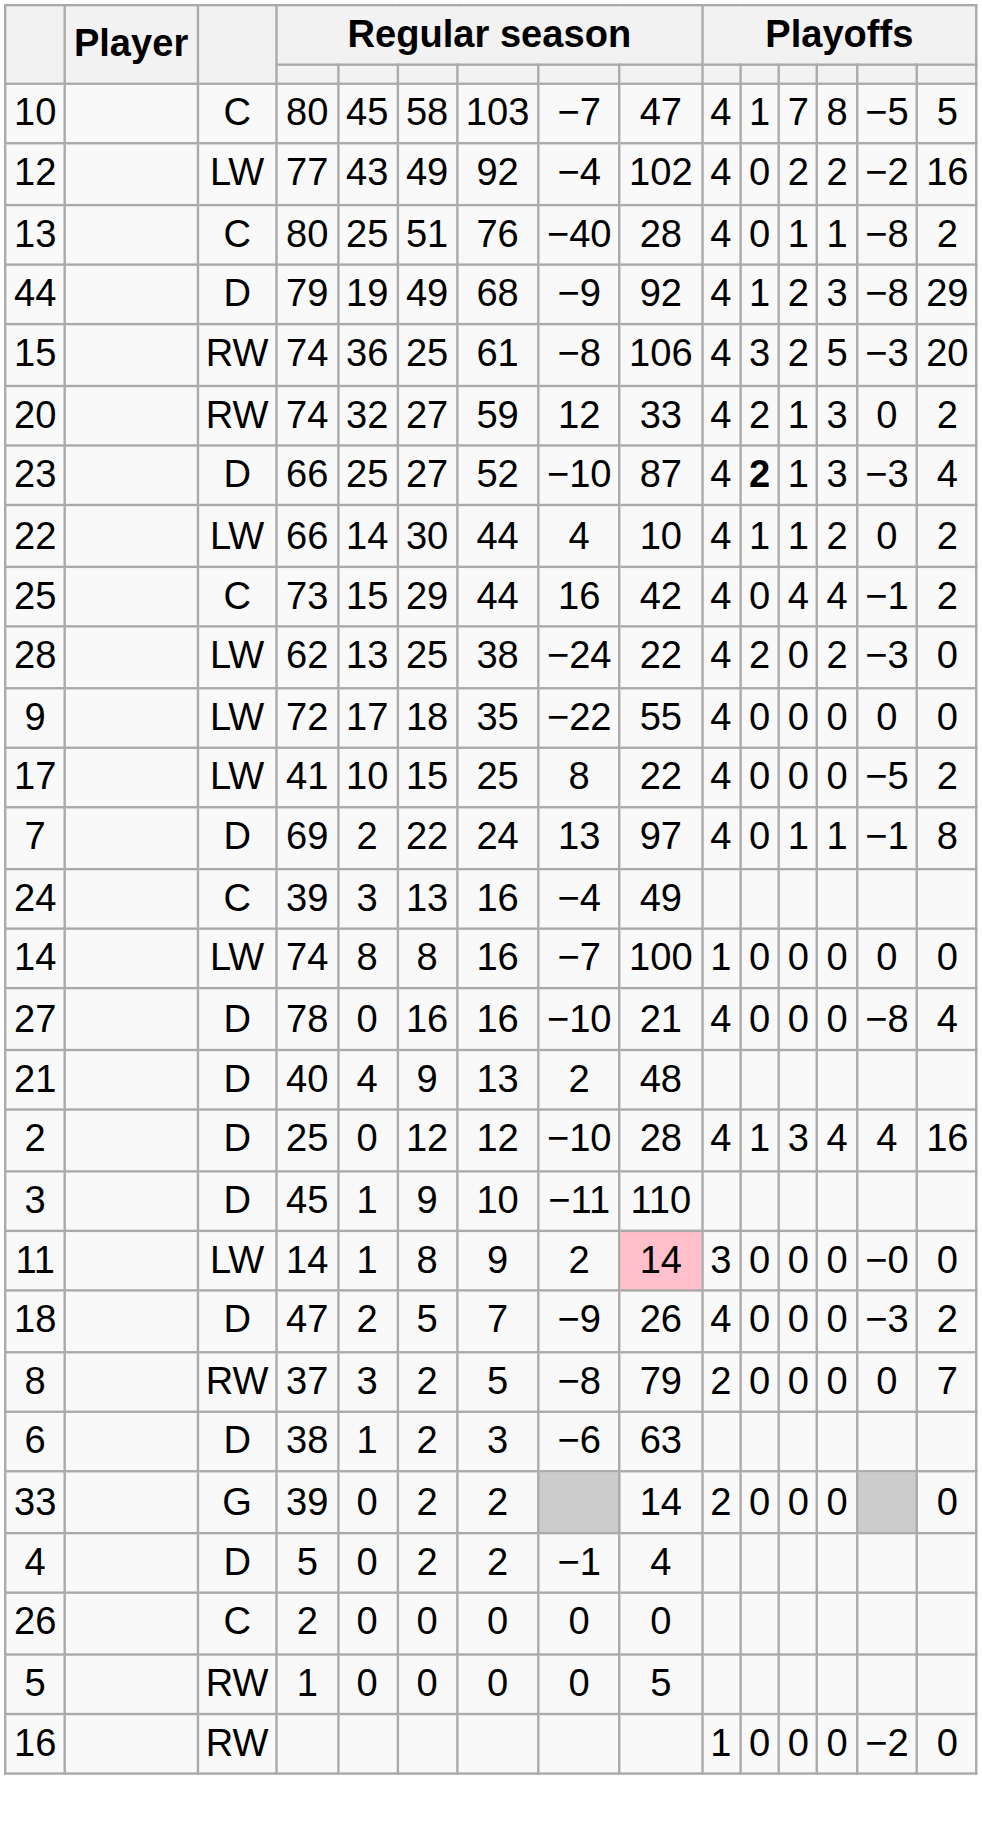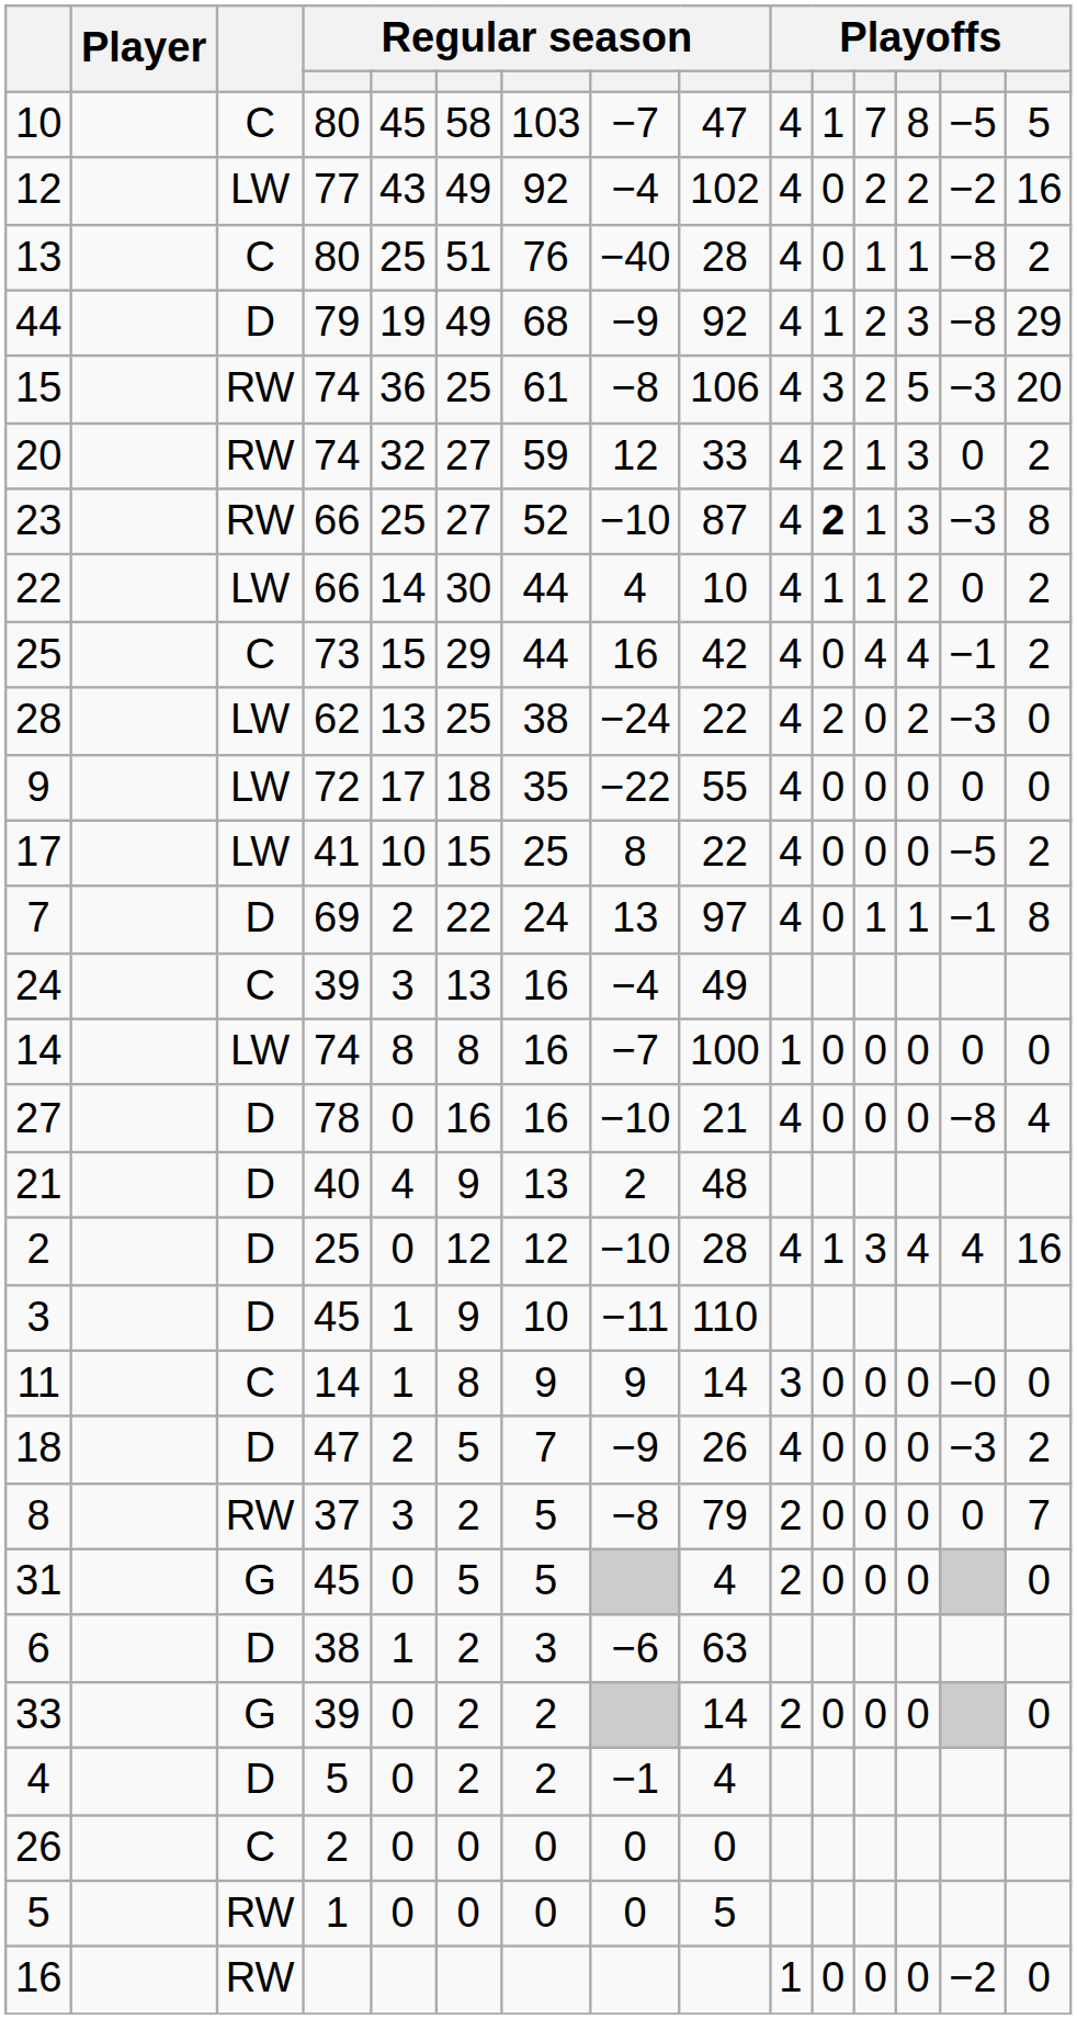 <table class="wikitable sortable plainrowheaders" style="text-align:center;">
 <tr>
 <th scope="col" data-sort-type="number" rowspan="2"></th>
 <th scope="col" rowspan="2">Player</th>
 <th scope="col" rowspan="2"></th>
 <th scope=colgroup colspan=6>Regular season</th>
 <th scope=colgroup colspan=6>Playoffs</th>
 </tr>
 <tr>
 <th scope="col" data-sort-type="number"></th>
 <th scope="col" data-sort-type="number"></th>
 <th scope="col" data-sort-type="number"></th>
 <th scope="col" data-sort-type="number"></th>
 <th scope="col" data-sort-type="number"></th>
 <th scope="col" data-sort-type="number"></th>
 <th scope="col" data-sort-type="number"></th>
 <th scope="col" data-sort-type="number"></th>
 <th scope="col" data-sort-type="number"></th>
 <th scope="col" data-sort-type="number"></th>
 <th scope="col" data-sort-type="number"></th>
 <th scope="col" data-sort-type="number"></th>
 </tr>
 <tr>
 <td scope="row">10</td>
 <td align="left"></td>
 <td>C</td>
 <td>80</td>
 <td>45</td>
 <td>58</td>
 <td>103</td>
 <td>−7</td>
 <td>47</td>
 <td>4</td>
 <td>1</td>
 <td>7</td>
 <td>8</td>
 <td>−5</td>
 <td>5</td>
 </tr>
 <tr>
 <td scope="row">12</td>
 <td align="left"></td>
 <td>LW</td>
 <td>77</td>
 <td>43</td>
 <td>49</td>
 <td>92</td>
 <td>−4</td>
 <td>102</td>
 <td>4</td>
 <td>0</td>
 <td>2</td>
 <td>2</td>
 <td>−2</td>
 <td>16</td>
 </tr>
 <tr>
 <td scope="row">13</td>
 <td align="left"></td>
 <td>C</td>
 <td>80</td>
 <td>25</td>
 <td>51</td>
 <td>76</td>
 <td>−40</td>
 <td>28</td>
 <td>4</td>
 <td>0</td>
 <td>1</td>
 <td>1</td>
 <td>−8</td>
 <td>2</td>
 </tr>
 <tr>
 <td scope="row">44</td>
 <td align="left"></td>
 <td>D</td>
 <td>79</td>
 <td>19</td>
 <td>49</td>
 <td>68</td>
 <td>−9</td>
 <td>92</td>
 <td>4</td>
 <td>1</td>
 <td>2</td>
 <td>3</td>
 <td>−8</td>
 <td>29</td>
 </tr>
 <tr>
 <td scope="row">15</td>
 <td align="left"></td>
 <td>RW</td>
 <td>74</td>
 <td>36</td>
 <td>25</td>
 <td>61</td>
 <td>−8</td>
 <td>106</td>
 <td>4</td>
 <td>3</td>
 <td>2</td>
 <td>5</td>
 <td>−3</td>
 <td>20</td>
 </tr>
 <tr>
 <td scope="row">20</td>
 <td align="left"></td>
 <td>RW</td>
 <td>74</td>
 <td>32</td>
 <td>27</td>
 <td>59</td>
 <td>12</td>
 <td>33</td>
 <td>4</td>
 <td>2</td>
 <td>1</td>
 <td>3</td>
 <td>0</td>
 <td>2</td>
 </tr>
 <tr>
 <td scope="row">23</td>
 <td align="left"></td>
-<td>D</td>
+<td>RW</td>
 <td>66</td>
 <td>25</td>
 <td>27</td>
 <td>52</td>
 <td>−10</td>
 <td>87</td>
 <td>4</td>
 <td><strong>2</strong></td>
 <td>1</td>
 <td>3</td>
 <td>−3</td>
-<td>4</td>
+<td>8</td>
 </tr>
 <tr>
 <td scope="row">22</td>
 <td align="left"></td>
 <td>LW</td>
 <td>66</td>
 <td>14</td>
 <td>30</td>
 <td>44</td>
 <td>4</td>
 <td>10</td>
 <td>4</td>
 <td>1</td>
 <td>1</td>
 <td>2</td>
 <td>0</td>
 <td>2</td>
 </tr>
 <tr>
 <td scope="row">25</td>
 <td align="left"></td>
 <td>C</td>
 <td>73</td>
 <td>15</td>
 <td>29</td>
 <td>44</td>
 <td>16</td>
 <td>42</td>
 <td>4</td>
 <td>0</td>
 <td>4</td>
 <td>4</td>
 <td>−1</td>
 <td>2</td>
 </tr>
 <tr>
 <td scope="row">28</td>
 <td align="left"></td>
 <td>LW</td>
 <td>62</td>
 <td>13</td>
 <td>25</td>
 <td>38</td>
 <td>−24</td>
 <td>22</td>
 <td>4</td>
 <td>2</td>
 <td>0</td>
 <td>2</td>
 <td>−3</td>
 <td>0</td>
 </tr>
 <tr>
 <td scope="row">9</td>
 <td align="left"></td>
 <td>LW</td>
 <td>72</td>
 <td>17</td>
 <td>18</td>
 <td>35</td>
 <td>−22</td>
 <td>55</td>
 <td>4</td>
 <td>0</td>
 <td>0</td>
 <td>0</td>
 <td>0</td>
 <td>0</td>
 </tr>
 <tr>
 <td scope="row">17</td>
 <td align="left"></td>
 <td>LW</td>
 <td>41</td>
 <td>10</td>
 <td>15</td>
 <td>25</td>
 <td>8</td>
 <td>22</td>
 <td>4</td>
 <td>0</td>
 <td>0</td>
 <td>0</td>
 <td>−5</td>
 <td>2</td>
 </tr>
 <tr>
 <td scope="row">7</td>
 <td align="left"></td>
 <td>D</td>
 <td>69</td>
 <td>2</td>
 <td>22</td>
 <td>24</td>
 <td>13</td>
 <td>97</td>
 <td>4</td>
 <td>0</td>
 <td>1</td>
 <td>1</td>
 <td>−1</td>
 <td>8</td>
 </tr>
 <tr>
 <td scope="row">24</td>
 <td align="left"></td>
 <td>C</td>
 <td>39</td>
 <td>3</td>
 <td>13</td>
 <td>16</td>
 <td>−4</td>
 <td>49</td>
 <td></td>
 <td></td>
 <td></td>
 <td></td>
 <td></td>
 <td></td>
 </tr>
 <tr>
 <td scope="row">14</td>
 <td align="left"></td>
 <td>LW</td>
 <td>74</td>
 <td>8</td>
 <td>8</td>
 <td>16</td>
 <td>−7</td>
 <td>100</td>
 <td>1</td>
 <td>0</td>
 <td>0</td>
 <td>0</td>
 <td>0</td>
 <td>0</td>
 </tr>
 <tr>
 <td scope="row">27</td>
 <td align="left"></td>
 <td>D</td>
 <td>78</td>
 <td>0</td>
 <td>16</td>
 <td>16</td>
 <td>−10</td>
 <td>21</td>
 <td>4</td>
 <td>0</td>
 <td>0</td>
 <td>0</td>
 <td>−8</td>
 <td>4</td>
 </tr>
 <tr>
 <td scope="row">21</td>
 <td align="left"></td>
 <td>D</td>
 <td>40</td>
 <td>4</td>
 <td>9</td>
 <td>13</td>
 <td>2</td>
 <td>48</td>
 <td></td>
 <td></td>
 <td></td>
 <td></td>
 <td></td>
 <td></td>
 </tr>
 <tr>
 <td scope="row">2</td>
 <td align="left"></td>
 <td>D</td>
 <td>25</td>
 <td>0</td>
 <td>12</td>
 <td>12</td>
 <td>−10</td>
 <td>28</td>
 <td>4</td>
 <td>1</td>
 <td>3</td>
 <td>4</td>
 <td>4</td>
 <td>16</td>
 </tr>
 <tr>
 <td scope="row">3</td>
 <td align="left"></td>
 <td>D</td>
 <td>45</td>
 <td>1</td>
 <td>9</td>
 <td>10</td>
 <td>−11</td>
 <td>110</td>
 <td></td>
 <td></td>
 <td></td>
 <td></td>
 <td></td>
 <td></td>
 </tr>
 <tr>
 <td scope="row">11</td>
 <td align="left"></td>
-<td>LW</td>
+<td>C</td>
 <td>14</td>
 <td>1</td>
 <td>8</td>
 <td>9</td>
-<td>2</td>
-<td style="background: pink;">14</td>
+<td>9</td>
+<td>14</td>
 <td>3</td>
 <td>0</td>
 <td>0</td>
 <td>0</td>
 <td>−0</td>
 <td>0</td>
 </tr>
 <tr>
 <td scope="row">18</td>
 <td align="left"></td>
 <td>D</td>
 <td>47</td>
 <td>2</td>
 <td>5</td>
 <td>7</td>
 <td>−9</td>
 <td>26</td>
 <td>4</td>
 <td>0</td>
 <td>0</td>
 <td>0</td>
 <td>−3</td>
 <td>2</td>
 </tr>
 <tr>
 <td scope="row">8</td>
 <td align="left"></td>
 <td>RW</td>
 <td>37</td>
 <td>3</td>
 <td>2</td>
 <td>5</td>
 <td>−8</td>
 <td>79</td>
 <td>2</td>
 <td>0</td>
 <td>0</td>
 <td>0</td>
 <td>0</td>
 <td>7</td>
+</tr>
+<tr>
+<td scope="row">31</td>
+<td align="left"></td>
+<td>G</td>
+<td>45</td>
+<td>0</td>
+<td>5</td>
+<td>5</td>
+<td style="background:#ccc"></td>
+<td>4</td>
+<td>2</td>
+<td>0</td>
+<td>0</td>
+<td>0</td>
+<td style="background:#ccc"></td>
+<td>0</td>
 </tr>
 <tr>
 <td scope="row">6</td>
 <td align="left"></td>
 <td>D</td>
 <td>38</td>
 <td>1</td>
 <td>2</td>
 <td>3</td>
 <td>−6</td>
 <td>63</td>
 <td></td>
 <td></td>
 <td></td>
 <td></td>
 <td></td>
 <td></td>
 </tr>
 <tr>
 <td scope="row">33</td>
 <td align="left"></td>
 <td>G</td>
 <td>39</td>
 <td>0</td>
 <td>2</td>
 <td>2</td>
 <td style="background:#ccc"></td>
 <td>14</td>
 <td>2</td>
 <td>0</td>
 <td>0</td>
 <td>0</td>
 <td style="background:#ccc"></td>
 <td>0</td>
 </tr>
 <tr>
 <td scope="row">4</td>
 <td align="left"></td>
 <td>D</td>
 <td>5</td>
 <td>0</td>
 <td>2</td>
 <td>2</td>
 <td>−1</td>
 <td>4</td>
 <td></td>
 <td></td>
 <td></td>
 <td></td>
 <td></td>
 <td></td>
 </tr>
 <tr>
 <td scope="row">26</td>
 <td align="left"></td>
 <td>C</td>
 <td>2</td>
 <td>0</td>
 <td>0</td>
 <td>0</td>
 <td>0</td>
 <td>0</td>
 <td></td>
 <td></td>
 <td></td>
 <td></td>
 <td></td>
 <td></td>
 </tr>
 <tr>
 <td scope="row">5</td>
 <td align="left"></td>
 <td>RW</td>
 <td>1</td>
 <td>0</td>
 <td>0</td>
 <td>0</td>
 <td>0</td>
 <td>5</td>
 <td></td>
 <td></td>
 <td></td>
 <td></td>
 <td></td>
 <td></td>
 </tr>
 <tr>
 <td scope="row">16</td>
 <td align="left"></td>
 <td>RW</td>
 <td></td>
 <td></td>
 <td></td>
 <td></td>
 <td></td>
 <td></td>
 <td>1</td>
 <td>0</td>
 <td>0</td>
 <td>0</td>
 <td>−2</td>
 <td>0</td>
 </tr>
 </table>
